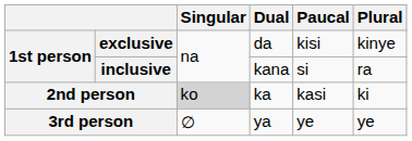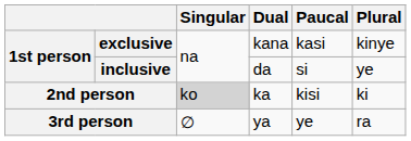 <table class="wikitable">
 <tr>
 <th colspan="2"></th>
 <th>Singular</th>
 <th>Dual</th>
 <th>Paucal</th>
 <th>Plural</th>
 </tr>
 <tr>
 <th rowspan="2">1st person</th>
 <th>exclusive</th>
 <td rowspan="2">na</td>
-<td>da</td>
-<td>kisi</td>
+<td>kana</td>
+<td>kasi</td>
 <td>kinye</td>
 </tr>
 <tr>
 <th>inclusive</th>
-<td>kana</td>
+<td>da</td>
 <td>si</td>
-<td>ra</td>
+<td>ye</td>
 </tr>
 <tr>
 <th colspan="2">2nd person</th>
 <td style="background: lightgrey;">ko</td>
 <td>ka</td>
-<td>kasi</td>
+<td>kisi</td>
 <td>ki</td>
 </tr>
 <tr>
 <th colspan="2">3rd person</th>
 <td>∅</td>
 <td>ya</td>
 <td>ye</td>
-<td>ye</td>
+<td>ra</td>
 </tr>
 </table>
